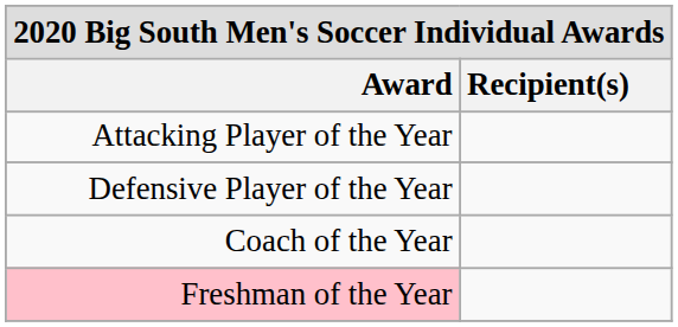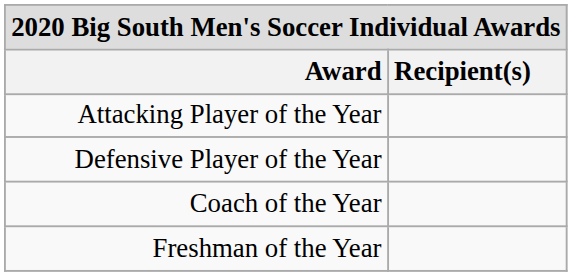 <table class="wikitable" style="white-space:nowrap; font-size:90%;">
 <tr>
 <td colspan="7" style="text-align:center; background:#ddd;"><strong>2020 Big South Men's Soccer Individual Awards</strong></td>
 </tr>
 <tr>
 <th style="text-align:right;">Award</th>
 <th style="text-align:left;">Recipient(s)</th>
 </tr>
 <tr>
 <td style="text-align:right;">Attacking Player of the Year</td>
 <td style="text-align:left;"></td>
 </tr>
 <tr>
 <td style="text-align:right;">Defensive Player of the Year</td>
 <td style="text-align:left;"></td>
 </tr>
 <tr>
 <td style="text-align:right;">Coach of the Year</td>
 <td style="text-align:left;"></td>
 </tr>
 <tr>
-<td style="background: pink; text-align:right;">Freshman of the Year</td>
+<td style="text-align:right;">Freshman of the Year</td>
 <td style="text-align:left;"></td>
 </tr>
 </table>
